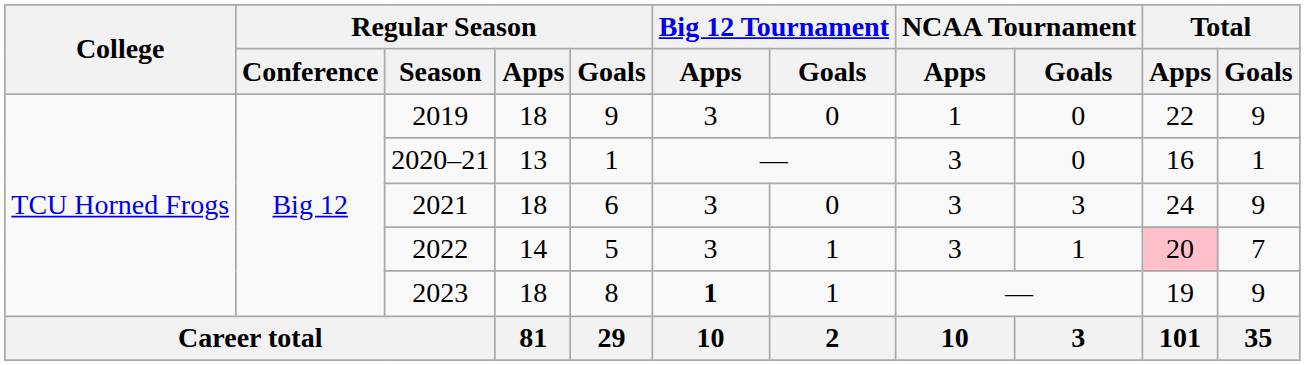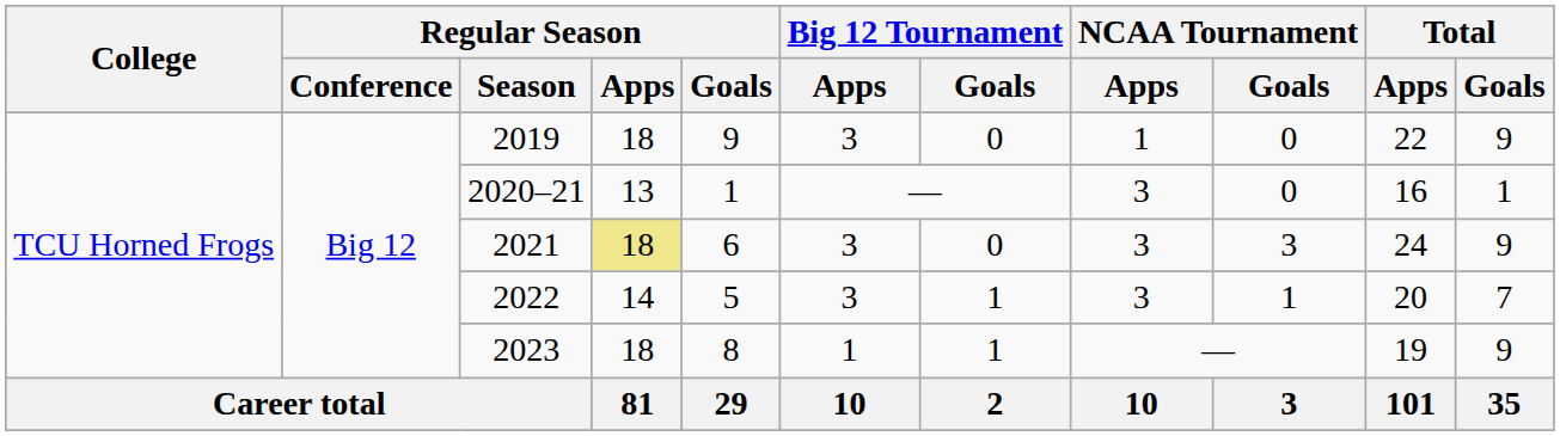 <table class="wikitable" style="text-align: center;">
 <tr>
 <th rowspan="2">College</th>
 <th colspan="4">Regular Season</th>
 <th colspan="2"><a href='#'>Big 12 Tournament</a></th>
 <th colspan="2">NCAA Tournament</th>
 <th colspan="2">Total</th>
 </tr>
 <tr>
 <th>Conference</th>
 <th>Season</th>
 <th>Apps</th>
 <th>Goals</th>
 <th>Apps</th>
 <th>Goals</th>
 <th>Apps</th>
 <th>Goals</th>
 <th>Apps</th>
 <th>Goals</th>
 </tr>
 <tr>
 <td rowspan="5"><a href='#'>TCU Horned Frogs</a></td>
 <td rowspan="5"><a href='#'>Big 12</a></td>
 <td>2019</td>
 <td>18</td>
 <td>9</td>
 <td>3</td>
 <td>0</td>
 <td>1</td>
 <td>0</td>
 <td>22</td>
 <td>9</td>
 </tr>
 <tr>
 <td>2020–21</td>
 <td>13</td>
 <td>1</td>
 <td colspan="2">—</td>
 <td>3</td>
 <td>0</td>
 <td>16</td>
 <td>1</td>
 </tr>
 <tr>
 <td>2021</td>
-<td>18</td>
+<td style="background: khaki;">18</td>
 <td>6</td>
 <td>3</td>
 <td>0</td>
 <td>3</td>
 <td>3</td>
 <td>24</td>
 <td>9</td>
 </tr>
 <tr>
 <td>2022</td>
 <td>14</td>
 <td>5</td>
 <td>3</td>
 <td>1</td>
 <td>3</td>
 <td>1</td>
-<td style="background: pink;">20</td>
+<td>20</td>
 <td>7</td>
 </tr>
 <tr>
 <td>2023</td>
 <td>18</td>
 <td>8</td>
-<td><strong>1</strong></td>
+<td>1</td>
 <td>1</td>
 <td colspan="2">—</td>
 <td>19</td>
 <td>9</td>
 </tr>
 <tr>
 <th colspan="3">Career total</th>
 <th>81</th>
 <th>29</th>
 <th>10</th>
 <th>2</th>
 <th>10</th>
 <th>3</th>
 <th>101</th>
 <th>35</th>
 </tr>
 </table>
